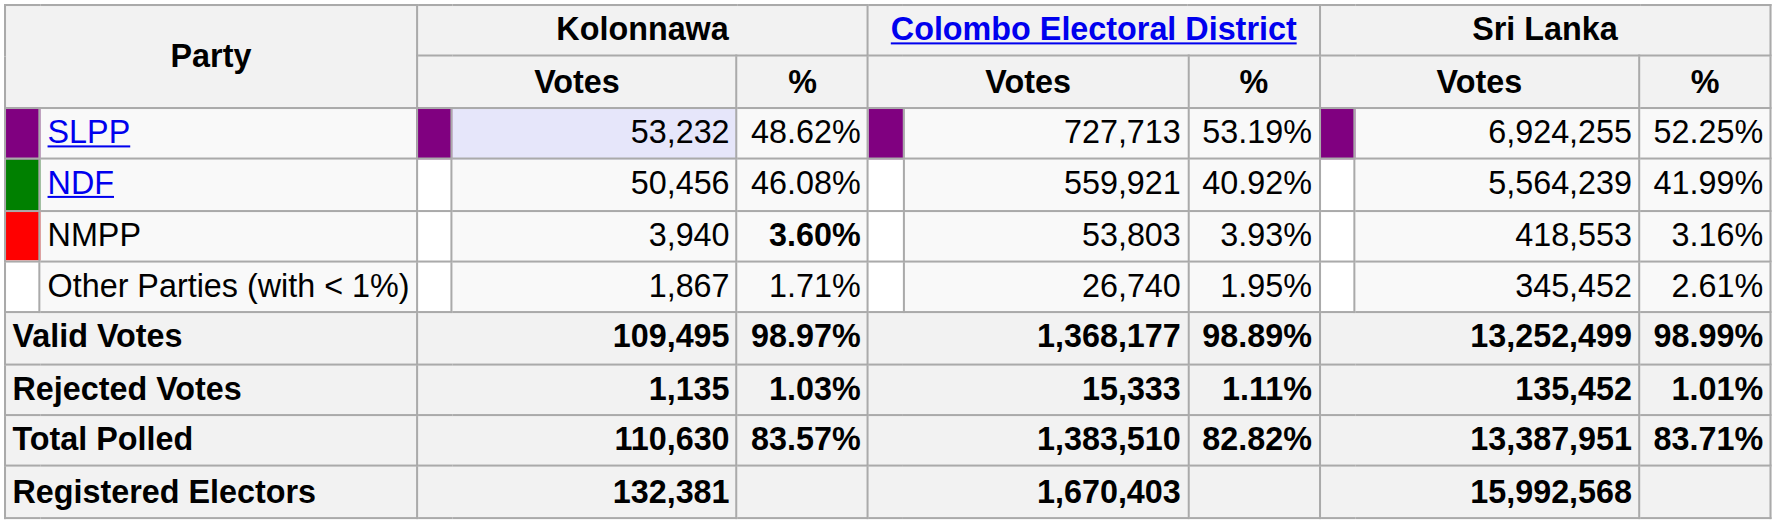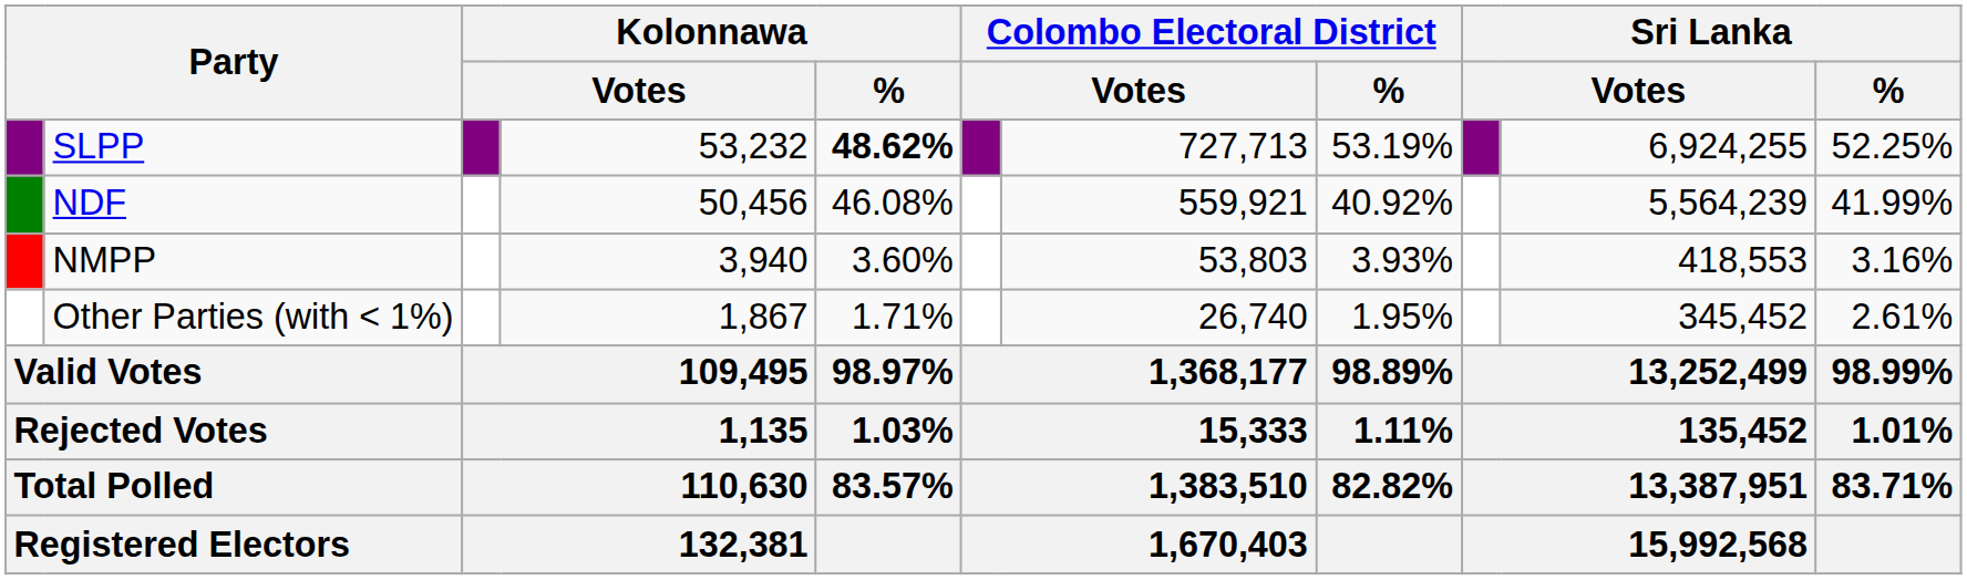 <table class="wikitable">
 <tr>
 <th colspan="2" width="144px"rowspan="2">Party</th>
 <th colspan="3" width="216px">Kolonnawa</th>
 <th colspan="3" width="216px"><a href='#'>Colombo Electoral District</a></th>
 <th colspan="3" width="216px">Sri Lanka</th>
 </tr>
 <tr>
 <th colspan="2" width="144px">Votes</th>
 <th>%</th>
 <th colspan="2" width="144px">Votes</th>
 <th>%</th>
 <th colspan="2" width="144px">Votes</th>
 <th>%</th>
 </tr>
 <tr>
 <td style="background-color:purple;" width="10px"></td>
 <td style="text-align:left;"><a href='#'>SLPP</a></td>
 <td style="background-color:purple;" width="10px"></td>
-<td style="background: lavender; text-align:right;">53,232</td>
-<td style="text-align:right;">48.62%</td>
+<td style="text-align:right;">53,232</td>
+<td style="text-align:right;"><strong>48.62%</strong></td>
 <td style="background-color:purple;" width="10px"></td>
 <td style="text-align:right;">727,713</td>
 <td style="text-align:right;">53.19%</td>
 <td style="background-color:purple;" width="10px"></td>
 <td style="text-align:right;">6,924,255</td>
 <td style="text-align:right;">52.25%</td>
 </tr>
 <tr>
 <td style="background-color:green;" width="10px"></td>
 <td style="text-align:left;"><a href='#'>NDF</a></td>
 <td style="background-color:white;" width="10px"></td>
 <td style="text-align:right;">50,456</td>
 <td style="text-align:right;">46.08%</td>
 <td style="background-color:white;" width="10px"></td>
 <td style="text-align:right;">559,921</td>
 <td style="text-align:right;">40.92%</td>
 <td style="background-color:white;" width="10px"></td>
 <td style="text-align:right;">5,564,239</td>
 <td style="text-align:right;">41.99%</td>
 </tr>
 <tr>
 <td style="background-color:red;" width="10px"></td>
 <td style="text-align:left;">NMPP</td>
 <td style="background-color:white;" width="10px"></td>
 <td style="text-align:right;">3,940</td>
-<td style="text-align:right;"><strong>3.60%</strong></td>
+<td style="text-align:right;">3.60%</td>
 <td style="background-color:white;" width="10px"></td>
 <td style="text-align:right;">53,803</td>
 <td style="text-align:right;">3.93%</td>
 <td style="background-color:white;" width="10px"></td>
 <td style="text-align:right;">418,553</td>
 <td style="text-align:right;">3.16%</td>
 </tr>
 <tr>
 <td style="background-color:white;" width="10px"></td>
 <td style="text-align:left;">Other Parties (with < 1%)</td>
 <td style="background-color:white;" width="10px"></td>
 <td style="text-align:right;">1,867</td>
 <td style="text-align:right;">1.71%</td>
 <td style="background-color:white;" width="10px"></td>
 <td style="text-align:right;">26,740</td>
 <td style="text-align:right;">1.95%</td>
 <td style="background-color:white;" width="10px"></td>
 <td style="text-align:right;">345,452</td>
 <td style="text-align:right;">2.61%</td>
 </tr>
 <tr>
 <th colspan="2" width="144px"style="text-align:left;">Valid Votes</th>
 <th style="text-align:right;"colspan="2" width="144px">109,495</th>
 <th style="text-align:right;">98.97%</th>
 <th style="text-align:right;"colspan="2" width="144px">1,368,177</th>
 <th style="text-align:right;">98.89%</th>
 <th style="text-align:right;"colspan="2" width="144px">13,252,499</th>
 <th style="text-align:right;">98.99%</th>
 </tr>
 <tr>
 <th colspan="2" width="144px"style="text-align:left;">Rejected Votes</th>
 <th style="text-align:right;"colspan="2" width="144px">1,135</th>
 <th style="text-align:right;">1.03%</th>
 <th style="text-align:right;"colspan="2" width="144px">15,333</th>
 <th style="text-align:right;">1.11%</th>
 <th style="text-align:right;"colspan="2" width="144px">135,452</th>
 <th style="text-align:right;">1.01%</th>
 </tr>
 <tr>
 <th colspan="2" width="144px"style="text-align:left;">Total Polled</th>
 <th style="text-align:right;"colspan="2" width="144px">110,630</th>
 <th style="text-align:right;">83.57%</th>
 <th style="text-align:right;"colspan="2" width="144px">1,383,510</th>
 <th style="text-align:right;">82.82%</th>
 <th style="text-align:right;"colspan="2" width="144px">13,387,951</th>
 <th style="text-align:right;">83.71%</th>
 </tr>
 <tr>
 <th colspan="2" width="144px"style="text-align:left;">Registered Electors</th>
 <th style="text-align:right;"colspan="2" width="144px">132,381</th>
 <th></th>
 <th style="text-align:right;"colspan="2" width="144px">1,670,403</th>
 <th></th>
 <th style="text-align:right;"colspan="2" width="144px">15,992,568</th>
 <th></th>
 </tr>
 </table>
